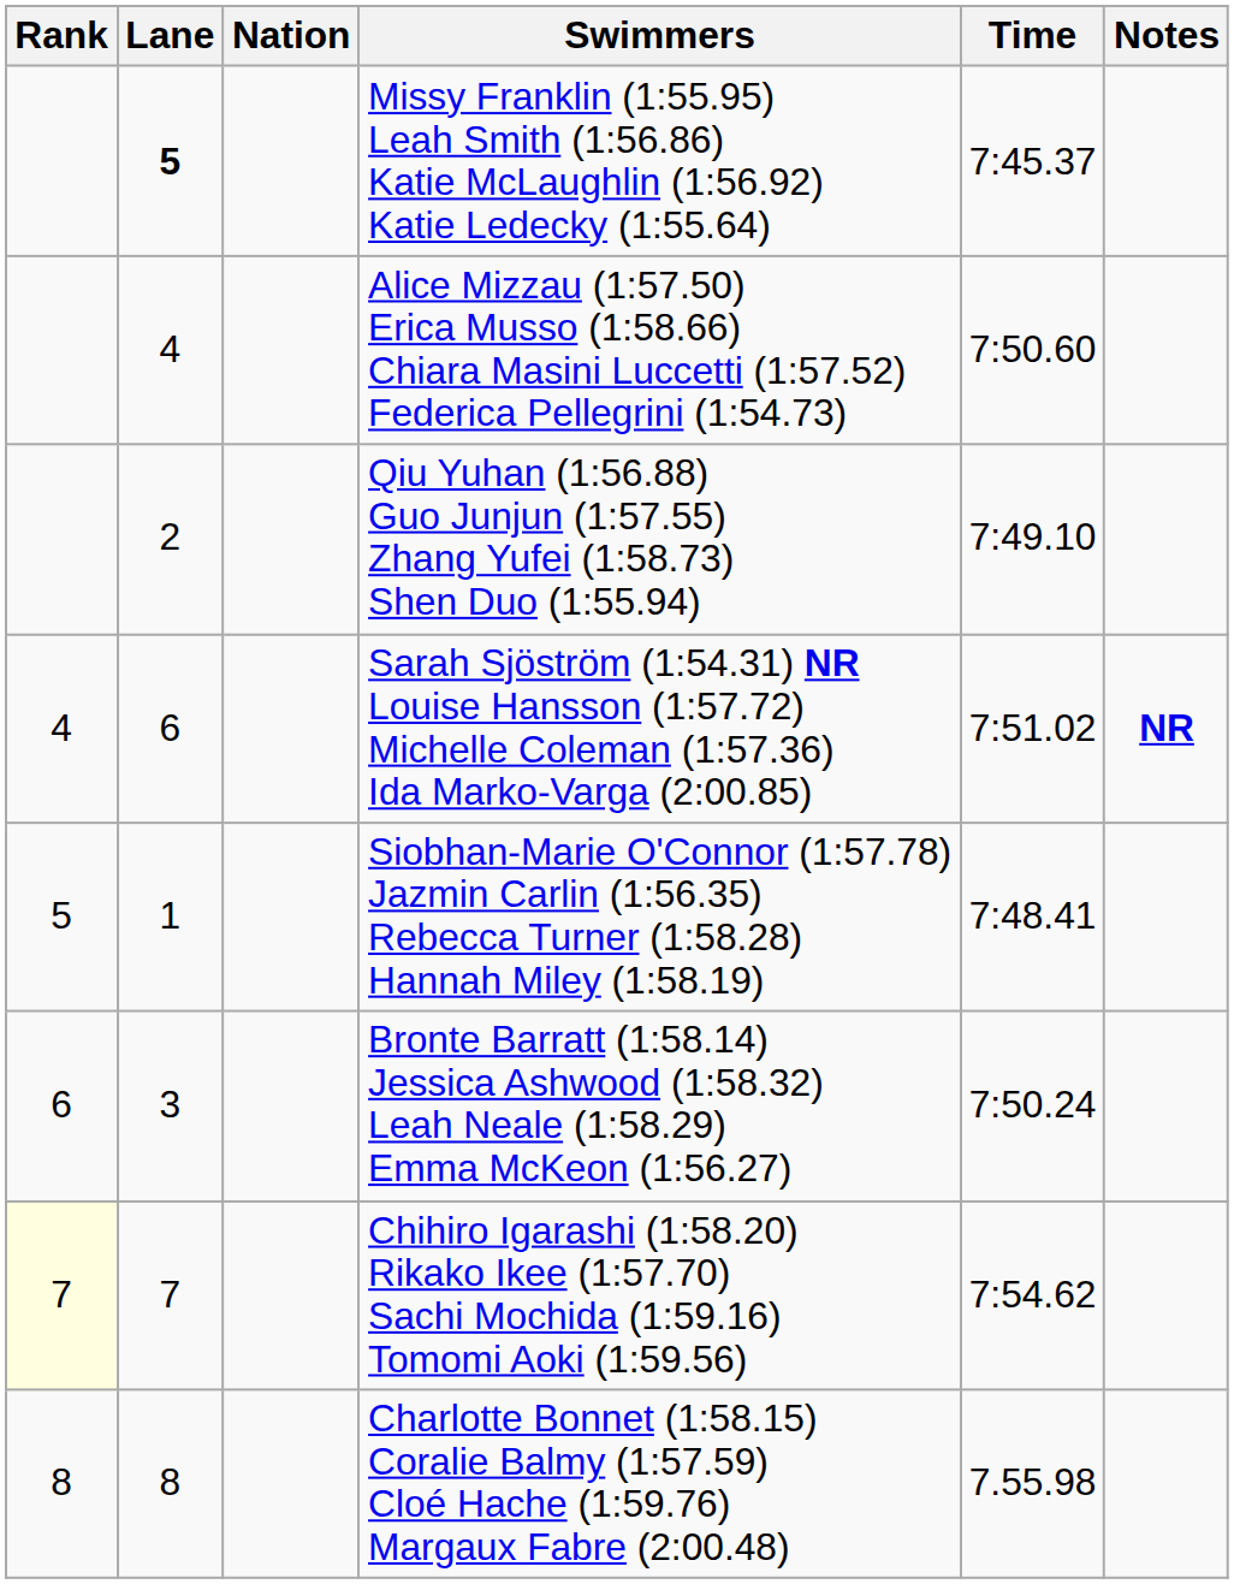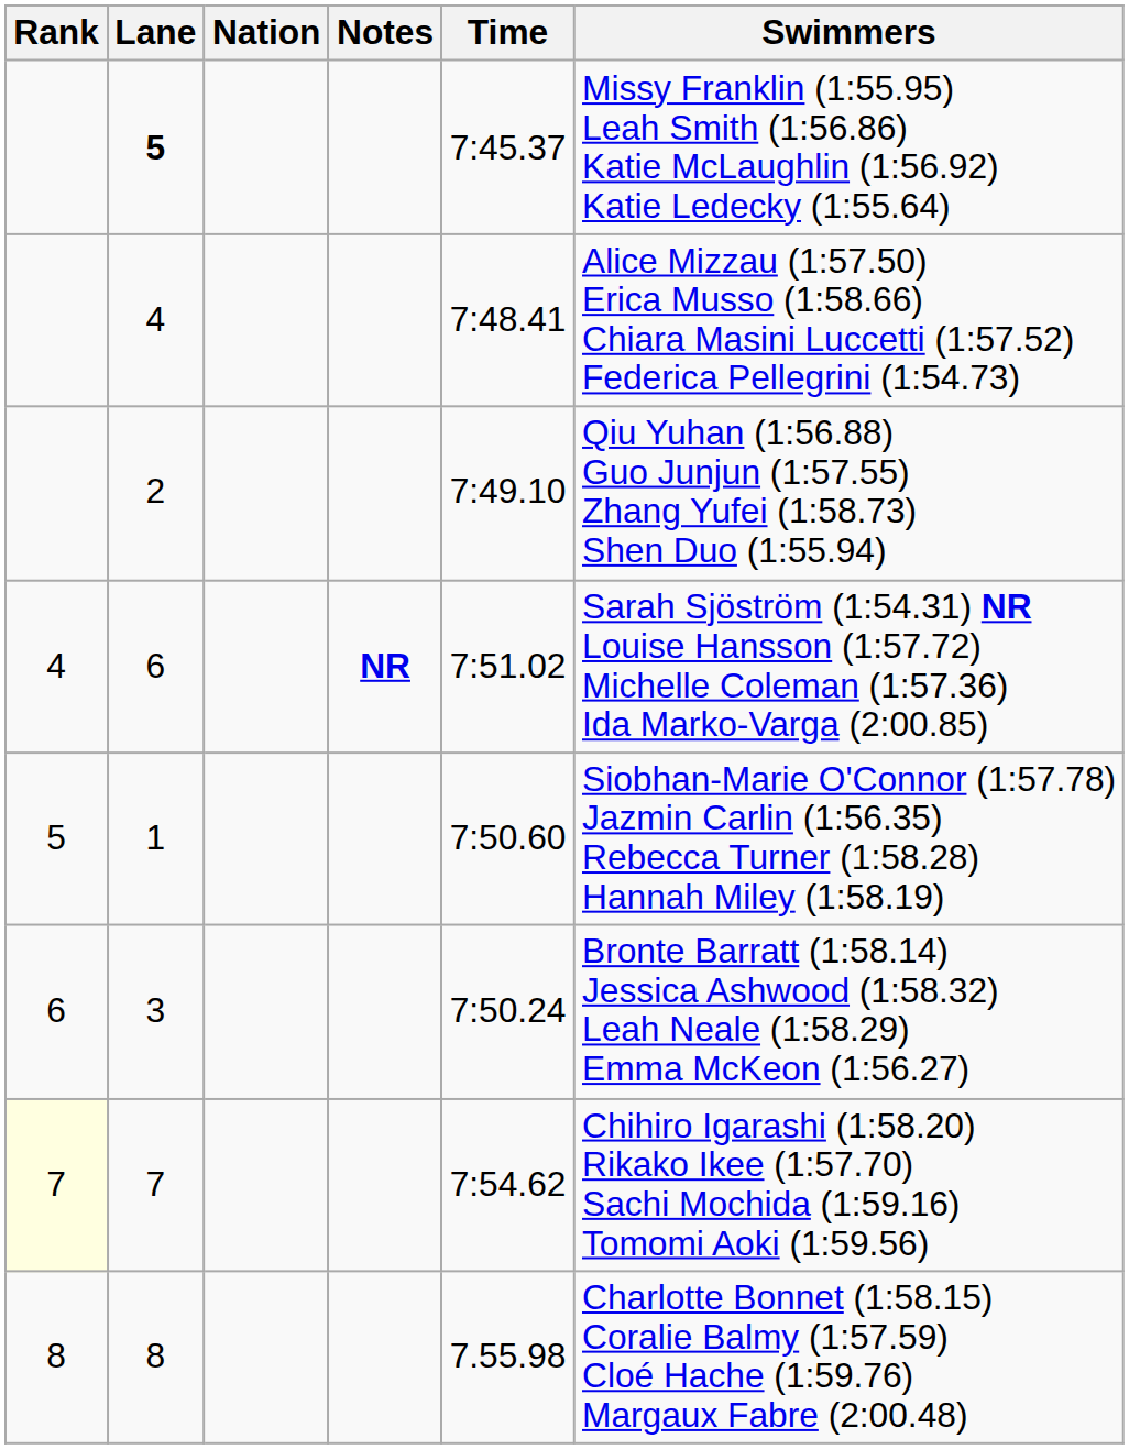 <table class="wikitable sortable" style="text-align:center">
 <tr>
 <th>Rank</th>
 <th>Lane</th>
 <th>Nation</th>
+<th>Notes</th>
+<th>Time</th>
 <th>Swimmers</th>
-<th>Time</th>
-<th>Notes</th>
 </tr>
 <tr>
 <td></td>
 <td><strong>5</strong></td>
 <td align=left></td>
+<td></td>
+<td>7:45.37</td>
 <td align=left><a href='#'>Missy Franklin</a> (1:55.95)<br><a href='#'>Leah Smith</a> (1:56.86)<br><a href='#'>Katie McLaughlin</a> (1:56.92)<br><a href='#'>Katie Ledecky</a> (1:55.64)</td>
-<td>7:45.37</td>
-<td></td>
 </tr>
 <tr>
 <td></td>
 <td>4</td>
 <td align=left></td>
+<td></td>
+<td>7:48.41</td>
 <td align=left><a href='#'>Alice Mizzau</a> (1:57.50)<br><a href='#'>Erica Musso</a> (1:58.66)<br><a href='#'>Chiara Masini Luccetti</a> (1:57.52)<br><a href='#'>Federica Pellegrini</a> (1:54.73)</td>
-<td>7:50.60</td>
-<td></td>
 </tr>
 <tr>
 <td></td>
 <td>2</td>
 <td align=left></td>
+<td></td>
+<td>7:49.10</td>
 <td align=left><a href='#'>Qiu Yuhan</a> (1:56.88)<br><a href='#'>Guo Junjun</a> (1:57.55)<br><a href='#'>Zhang Yufei</a> (1:58.73)<br><a href='#'>Shen Duo</a> (1:55.94)</td>
-<td>7:49.10</td>
-<td></td>
 </tr>
 <tr>
 <td>4</td>
 <td>6</td>
 <td align=left></td>
+<td><strong><a href='#'>NR</a></strong></td>
+<td>7:51.02</td>
 <td align=left><a href='#'>Sarah Sjöström</a> (1:54.31) <strong><a href='#'>NR</a></strong><br><a href='#'>Louise Hansson</a> (1:57.72)<br><a href='#'>Michelle Coleman</a> (1:57.36)<br><a href='#'>Ida Marko-Varga</a> (2:00.85)</td>
-<td>7:51.02</td>
-<td><strong><a href='#'>NR</a></strong></td>
 </tr>
 <tr>
 <td>5</td>
 <td>1</td>
 <td align=left></td>
+<td></td>
+<td>7:50.60</td>
 <td align=left><a href='#'>Siobhan-Marie O'Connor</a> (1:57.78)<br><a href='#'>Jazmin Carlin</a> (1:56.35)<br><a href='#'>Rebecca Turner</a> (1:58.28)<br><a href='#'>Hannah Miley</a> (1:58.19)</td>
-<td>7:48.41</td>
-<td></td>
 </tr>
 <tr>
 <td>6</td>
 <td>3</td>
 <td align=left></td>
+<td></td>
+<td>7:50.24</td>
 <td align=left><a href='#'>Bronte Barratt</a> (1:58.14)<br><a href='#'>Jessica Ashwood</a> (1:58.32)<br><a href='#'>Leah Neale</a> (1:58.29)<br><a href='#'>Emma McKeon</a> (1:56.27)</td>
-<td>7:50.24</td>
-<td></td>
 </tr>
 <tr>
 <td style="background: lightyellow;">7</td>
 <td>7</td>
 <td align=left></td>
+<td></td>
+<td>7:54.62</td>
 <td align=left><a href='#'>Chihiro Igarashi</a> (1:58.20)<br><a href='#'>Rikako Ikee</a> (1:57.70)<br><a href='#'>Sachi Mochida</a> (1:59.16)<br><a href='#'>Tomomi Aoki</a> (1:59.56)</td>
-<td>7:54.62</td>
-<td></td>
 </tr>
 <tr>
 <td>8</td>
 <td>8</td>
 <td align=left></td>
+<td></td>
+<td>7.55.98</td>
 <td align=left><a href='#'>Charlotte Bonnet</a> (1:58.15)<br><a href='#'>Coralie Balmy</a> (1:57.59)<br><a href='#'>Cloé Hache</a> (1:59.76)<br><a href='#'>Margaux Fabre</a> (2:00.48)</td>
-<td>7.55.98</td>
-<td></td>
 </tr>
 </table>
